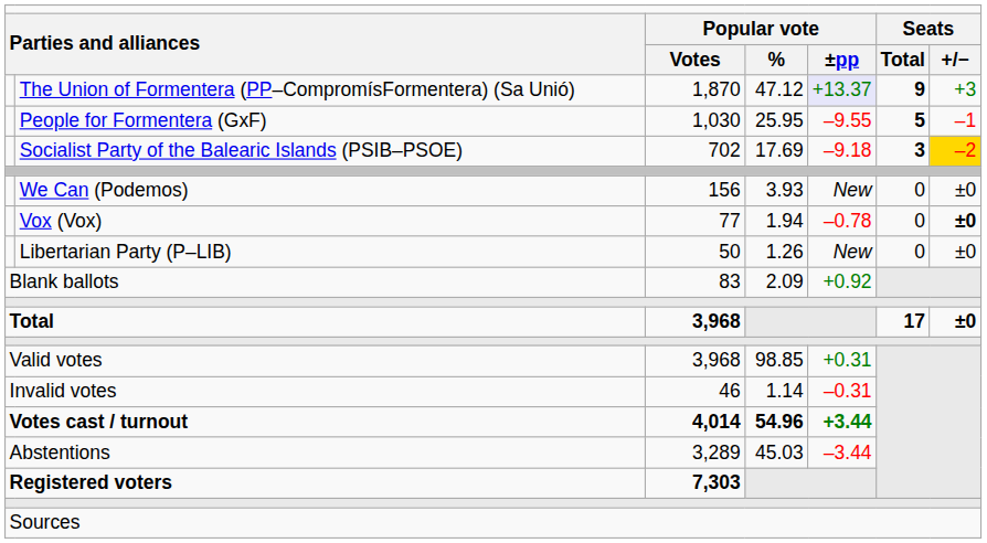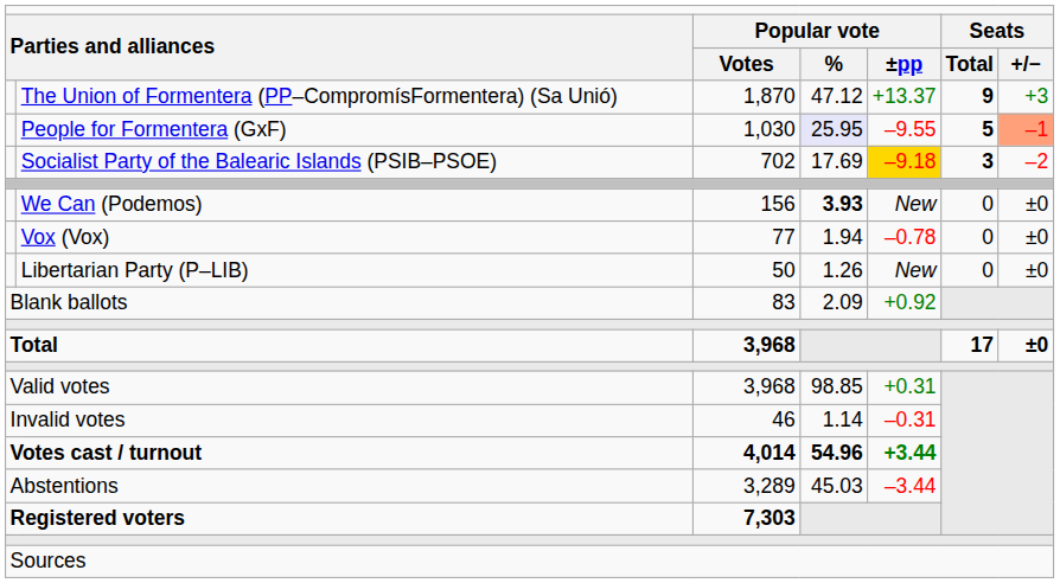 <table class="wikitable" style="text-align:right;">
 <tr>
 <td colspan="7"></td>
 </tr>
 <tr>
 <th style="text-align:left;" rowspan="2" colspan="2" width="525">Parties and alliances</th>
 <th colspan="3">Popular vote</th>
 <th colspan="2">Seats</th>
 </tr>
 <tr>
 <th width="75">Votes</th>
 <th width="45">%</th>
 <th width="45">±<a href='#'>pp</a></th>
 <th width="35">Total</th>
 <th width="35">+/−</th>
 </tr>
 <tr>
 <td width="1" style="color:inherit;background:"></td>
 <td align="left"><a href='#'>The Union of Formentera</a> (<a href='#'>PP</a>–CompromísFormentera) (Sa Unió)</td>
 <td>1,870</td>
 <td>47.12</td>
-<td style="background: lavender; color:green;">+13.37</td>
+<td style="color:green;">+13.37</td>
 <td><strong>9</strong></td>
 <td style="color:green;">+3</td>
 </tr>
 <tr>
 <td style="color:inherit;background:"></td>
 <td align="left"><a href='#'>People for Formentera</a> (GxF)</td>
 <td>1,030</td>
-<td>25.95</td>
+<td style="background: lavender;">25.95</td>
 <td style="color:red;">–9.55</td>
 <td><strong>5</strong></td>
-<td style="color:red;">–1</td>
+<td style="background: lightsalmon; color:red;">–1</td>
 </tr>
 <tr>
 <td style="color:inherit;background:"></td>
 <td align="left"><a href='#'>Socialist Party of the Balearic Islands</a> (PSIB–PSOE)</td>
 <td>702</td>
 <td>17.69</td>
-<td style="color:red;">–9.18</td>
+<td style="background: gold; color:red;">–9.18</td>
 <td><strong>3</strong></td>
-<td style="background: gold; color:red;">–2</td>
+<td style="color:red;">–2</td>
 </tr>
 <tr>
 <td colspan="7" bgcolor="#C0C0C0"></td>
 </tr>
 <tr>
 <td style="color:inherit;background:"></td>
 <td align="left"><a href='#'>We Can</a> (Podemos)</td>
 <td>156</td>
-<td>3.93</td>
+<td><strong>3.93</strong></td>
 <td><em>New</em></td>
 <td>0</td>
 <td>±0</td>
 </tr>
 <tr>
 <td style="color:inherit;background:"></td>
 <td align="left"><a href='#'>Vox</a> (Vox)</td>
 <td>77</td>
 <td>1.94</td>
 <td style="color:red;">–0.78</td>
 <td>0</td>
-<td><strong>±0</strong></td>
+<td>±0</td>
 </tr>
 <tr>
 <td style="color:inherit;background:"></td>
 <td align="left">Libertarian Party (P–LIB)</td>
 <td>50</td>
 <td>1.26</td>
 <td><em>New</em></td>
 <td>0</td>
 <td>±0</td>
 </tr>
 <tr>
 <td align="left" colspan="2">Blank ballots</td>
 <td>83</td>
 <td>2.09</td>
 <td style="color:green;">+0.92</td>
 <td bgcolor="#E9E9E9" colspan="2"></td>
 </tr>
 <tr>
 <td colspan="7" bgcolor="#E9E9E9"></td>
 </tr>
 <tr style="font-weight:bold;">
 <td align="left" colspan="2">Total</td>
 <td>3,968</td>
 <td colspan="2" bgcolor="#E9E9E9"></td>
 <td>17</td>
 <td>±0</td>
 </tr>
 <tr>
 <td colspan="7" bgcolor="#E9E9E9"></td>
 </tr>
 <tr>
 <td align="left" colspan="2">Valid votes</td>
 <td>3,968</td>
 <td>98.85</td>
 <td style="color:green;">+0.31</td>
 <td bgcolor="#E9E9E9" colspan="2" rowspan="5"></td>
 </tr>
 <tr>
 <td align="left" colspan="2">Invalid votes</td>
 <td>46</td>
 <td>1.14</td>
 <td style="color:red;">–0.31</td>
 </tr>
 <tr style="font-weight:bold;">
 <td align="left" colspan="2">Votes cast / turnout</td>
 <td>4,014</td>
 <td>54.96</td>
 <td style="color:green;">+3.44</td>
 </tr>
 <tr>
 <td align="left" colspan="2">Abstentions</td>
 <td>3,289</td>
 <td>45.03</td>
 <td style="color:red;">–3.44</td>
 </tr>
 <tr style="font-weight:bold;">
 <td align="left" colspan="2">Registered voters</td>
 <td>7,303</td>
 <td colspan="2" bgcolor="#E9E9E9"></td>
 </tr>
 <tr>
 <td colspan="7" bgcolor="#E9E9E9"></td>
 </tr>
 <tr>
 <td align="left" colspan="7">Sources</td>
 </tr>
 </table>
